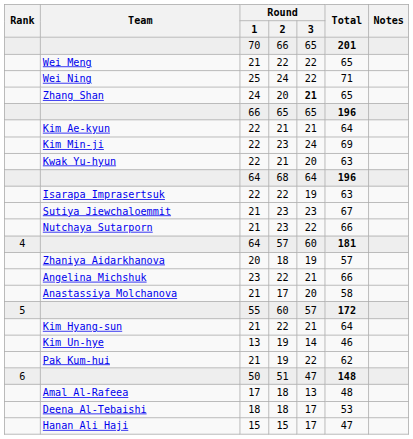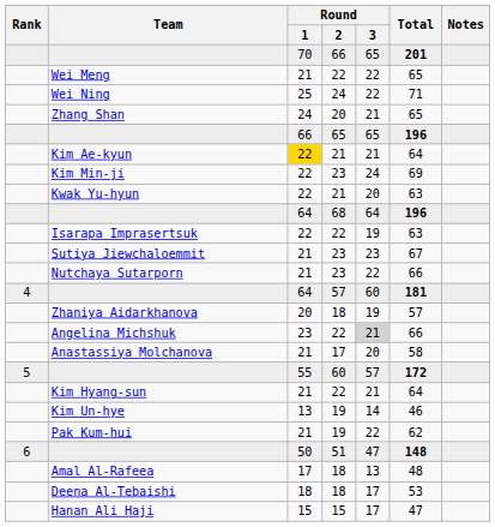 <table class="wikitable" style="text-align:center">
 <tr>
 <th rowspan=2 width=40>Rank</th>
 <th rowspan=2 width=250>Team</th>
 <th colspan=3>Round</th>
 <th rowspan=2 width=50>Total</th>
 <th rowspan=2 width=45>Notes</th>
 </tr>
 <tr>
 <th width=30>1</th>
 <th width=30>2</th>
 <th width=30>3</th>
 </tr>
 <tr bgcolor=eeeeee>
 <td></td>
 <td align=left></td>
 <td>70</td>
 <td>66</td>
 <td>65</td>
 <td><strong>201</strong></td>
 <td></td>
 </tr>
 <tr>
 <td></td>
 <td align=left><a href='#'>Wei Meng</a></td>
 <td>21</td>
 <td>22</td>
 <td>22</td>
 <td>65</td>
 <td></td>
 </tr>
 <tr>
 <td></td>
 <td align=left><a href='#'>Wei Ning</a></td>
 <td>25</td>
 <td>24</td>
 <td>22</td>
 <td>71</td>
 <td></td>
 </tr>
 <tr>
 <td></td>
 <td align=left><a href='#'>Zhang Shan</a></td>
 <td>24</td>
 <td>20</td>
-<td><strong>21</strong></td>
+<td>21</td>
 <td>65</td>
 <td></td>
 </tr>
 <tr bgcolor=eeeeee>
 <td></td>
 <td align=left></td>
 <td>66</td>
 <td>65</td>
 <td>65</td>
 <td><strong>196</strong></td>
 <td></td>
 </tr>
 <tr>
 <td></td>
 <td align=left><a href='#'>Kim Ae-kyun</a></td>
-<td>22</td>
+<td style="background: gold;">22</td>
 <td>21</td>
 <td>21</td>
 <td>64</td>
 <td></td>
 </tr>
 <tr>
 <td></td>
 <td align=left><a href='#'>Kim Min-ji</a></td>
 <td>22</td>
 <td>23</td>
 <td>24</td>
 <td>69</td>
 <td></td>
 </tr>
 <tr>
 <td></td>
 <td align=left><a href='#'>Kwak Yu-hyun</a></td>
 <td>22</td>
 <td>21</td>
 <td>20</td>
 <td>63</td>
 <td></td>
 </tr>
 <tr bgcolor=eeeeee>
 <td></td>
 <td align=left></td>
 <td>64</td>
 <td>68</td>
 <td>64</td>
 <td><strong>196</strong></td>
 <td></td>
 </tr>
 <tr>
 <td></td>
 <td align=left><a href='#'>Isarapa Imprasertsuk</a></td>
 <td>22</td>
 <td>22</td>
 <td>19</td>
 <td>63</td>
 <td></td>
 </tr>
 <tr>
 <td></td>
 <td align=left><a href='#'>Sutiya Jiewchaloemmit</a></td>
 <td>21</td>
 <td>23</td>
 <td>23</td>
 <td>67</td>
 <td></td>
 </tr>
 <tr>
 <td></td>
 <td align=left><a href='#'>Nutchaya Sutarporn</a></td>
 <td>21</td>
 <td>23</td>
 <td>22</td>
 <td>66</td>
 <td></td>
 </tr>
 <tr bgcolor=eeeeee>
 <td>4</td>
 <td align=left></td>
 <td>64</td>
 <td>57</td>
 <td>60</td>
 <td><strong>181</strong></td>
 <td></td>
 </tr>
 <tr>
 <td></td>
 <td align=left><a href='#'>Zhaniya Aidarkhanova</a></td>
 <td>20</td>
 <td>18</td>
 <td>19</td>
 <td>57</td>
 <td></td>
 </tr>
 <tr>
 <td></td>
 <td align=left><a href='#'>Angelina Michshuk</a></td>
 <td>23</td>
 <td>22</td>
-<td>21</td>
+<td style="background: lightgrey;">21</td>
 <td>66</td>
 <td></td>
 </tr>
 <tr>
 <td></td>
 <td align=left><a href='#'>Anastassiya Molchanova</a></td>
 <td>21</td>
 <td>17</td>
 <td>20</td>
 <td>58</td>
 <td></td>
 </tr>
 <tr bgcolor=eeeeee>
 <td>5</td>
 <td align=left></td>
 <td>55</td>
 <td>60</td>
 <td>57</td>
 <td><strong>172</strong></td>
 <td></td>
 </tr>
 <tr>
 <td></td>
 <td align=left><a href='#'>Kim Hyang-sun</a></td>
 <td>21</td>
 <td>22</td>
 <td>21</td>
 <td>64</td>
 <td></td>
 </tr>
 <tr>
 <td></td>
 <td align=left><a href='#'>Kim Un-hye</a></td>
 <td>13</td>
 <td>19</td>
 <td>14</td>
 <td>46</td>
 <td></td>
 </tr>
 <tr>
 <td></td>
 <td align=left><a href='#'>Pak Kum-hui</a></td>
 <td>21</td>
 <td>19</td>
 <td>22</td>
 <td>62</td>
 <td></td>
 </tr>
 <tr bgcolor=eeeeee>
 <td>6</td>
 <td align=left></td>
 <td>50</td>
 <td>51</td>
 <td>47</td>
 <td><strong>148</strong></td>
 <td></td>
 </tr>
 <tr>
 <td></td>
 <td align=left><a href='#'>Amal Al-Rafeea</a></td>
 <td>17</td>
 <td>18</td>
 <td>13</td>
 <td>48</td>
 <td></td>
 </tr>
 <tr>
 <td></td>
 <td align=left><a href='#'>Deena Al-Tebaishi</a></td>
 <td>18</td>
 <td>18</td>
 <td>17</td>
 <td>53</td>
 <td></td>
 </tr>
 <tr>
 <td></td>
 <td align=left><a href='#'>Hanan Ali Haji</a></td>
 <td>15</td>
 <td>15</td>
 <td>17</td>
 <td>47</td>
 <td></td>
 </tr>
 </table>
